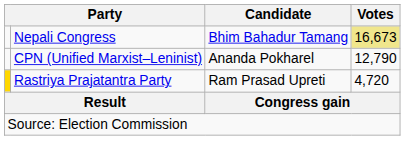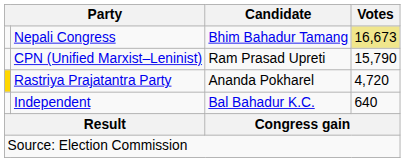 <table class="wikitable">
 <tr>
 <th colspan="2">Party</th>
 <th>Candidate</th>
 <th>Votes</th>
 </tr>
 <tr>
 <td style="background-color:"></td>
 <td><a href='#'>Nepali Congress</a></td>
 <td><a href='#'>Bhim Bahadur Tamang</a></td>
 <td style="background: khaki;">16,673</td>
 </tr>
 <tr>
 <td style="background-color:"></td>
 <td><a href='#'>CPN (Unified Marxist–Leninist)</a></td>
-<td>Ananda Pokharel</td>
-<td>12,790</td>
+<td>Ram Prasad Upreti</td>
+<td>15,790</td>
 </tr>
 <tr>
 <td style="background-color:gold"></td>
 <td><a href='#'>Rastriya Prajatantra Party</a></td>
-<td>Ram Prasad Upreti</td>
+<td>Ananda Pokharel</td>
 <td>4,720</td>
+</tr>
+<tr>
+<td style="background-color:"></td>
+<td><a href='#'>Independent</a></td>
+<td><a href='#'>Bal Bahadur K.C.</a></td>
+<td>640</td>
 </tr>
 <tr>
 <th colspan="2">Result</th>
 <th colspan="2">Congress gain</th>
 </tr>
 <tr>
 <td colspan="4">Source: Election Commission</td>
 </tr>
 </table>
